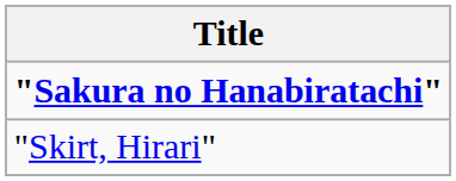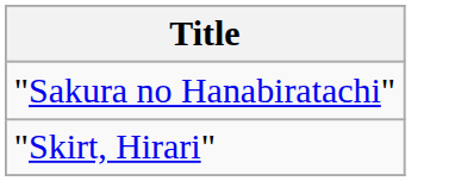 <table class="wikitable">
 <tr>
 <th>Title</th>
 </tr>
 <tr>
-<td><strong>"<a href='#'>Sakura no Hanabiratachi</a>"</strong></td>
+<td>"<a href='#'>Sakura no Hanabiratachi</a>"</td>
 </tr>
 <tr>
 <td>"<a href='#'>Skirt, Hirari</a>"</td>
 </tr>
 </table>
